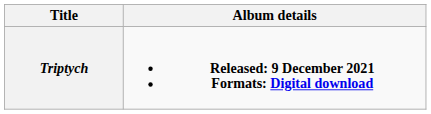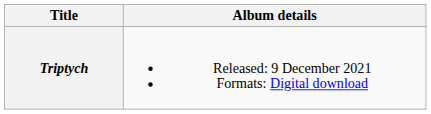 <table class="wikitable plainrowheaders" style="text-align:center;">
 <tr>
 <th scope="col" style="width:8em;">Title</th>
 <th scope="col" style="width:21em;">Album details</th>
 </tr>
 <tr>
 <th scope="row" align="center"><em>Triptych</em></th>
-<td><strong><br><ul><li>Released: 9 December 2021</li><li>Formats: <a href='#'>Digital download</a></li></ul></strong></td>
+<td><br><ul><li>Released: 9 December 2021</li><li>Formats: <a href='#'>Digital download</a></li></ul></td>
 </tr>
 </table>
